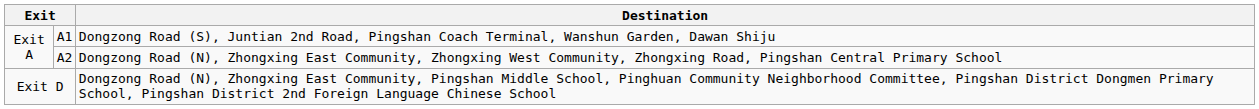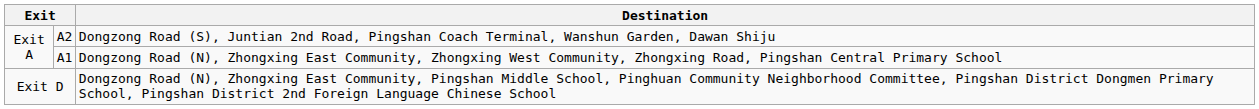 <table class="wikitable">
 <tr>
 <th style="width:70px" colspan=2>Exit</th>
 <th>Destination</th>
 </tr>
 <tr>
 <td align=center rowspan=2>Exit A</td>
-<td>A1</td>
+<td>A2</td>
 <td>Dongzong Road (S), Juntian 2nd Road, Pingshan Coach Terminal, Wanshun Garden, Dawan Shiju</td>
 </tr>
 <tr>
-<td>A2</td>
+<td>A1</td>
 <td>Dongzong Road (N), Zhongxing East Community, Zhongxing West Community, Zhongxing Road, Pingshan Central Primary School</td>
 </tr>
 <tr>
 <td align=center colspan=2>Exit D</td>
 <td>Dongzong Road (N), Zhongxing East Community, Pingshan Middle School, Pinghuan Community Neighborhood Committee, Pingshan District Dongmen Primary School, Pingshan District 2nd Foreign Language Chinese School</td>
 </tr>
 </table>
